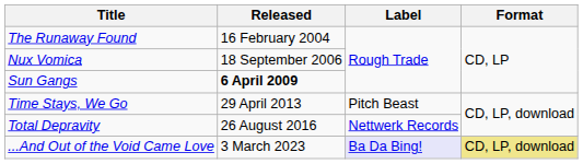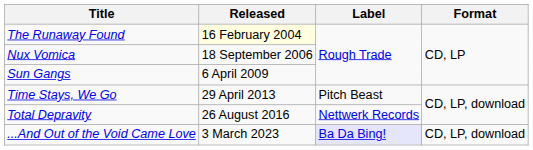 <table class="wikitable">
 <tr>
 <th>Title</th>
 <th>Released</th>
 <th>Label</th>
 <th>Format</th>
 </tr>
 <tr>
 <td><em><a href='#'>The Runaway Found</a></em></td>
-<td>16 February 2004</td>
+<td style="background: lightyellow;">16 February 2004</td>
 <td rowspan="3"><a href='#'>Rough Trade</a></td>
 <td rowspan="3">CD, LP</td>
 </tr>
 <tr>
 <td><em><a href='#'>Nux Vomica</a></em></td>
 <td>18 September 2006</td>
 </tr>
 <tr>
 <td><em><a href='#'>Sun Gangs</a></em></td>
-<td><strong>6 April 2009</strong></td>
+<td>6 April 2009</td>
 </tr>
 <tr>
 <td><em><a href='#'>Time Stays, We Go</a></em></td>
 <td>29 April 2013</td>
 <td>Pitch Beast</td>
 <td rowspan="2">CD, LP, download</td>
 </tr>
 <tr>
 <td><em><a href='#'>Total Depravity</a></em></td>
 <td>26 August 2016</td>
 <td><a href='#'>Nettwerk Records</a></td>
 </tr>
 <tr>
 <td><em><a href='#'>...And Out of the Void Came Love</a></em></td>
 <td>3 March 2023</td>
 <td style="background: lavender;"><a href='#'>Ba Da Bing!</a></td>
-<td style="background: khaki;">CD, LP, download</td>
+<td>CD, LP, download</td>
 </tr>
 </table>
